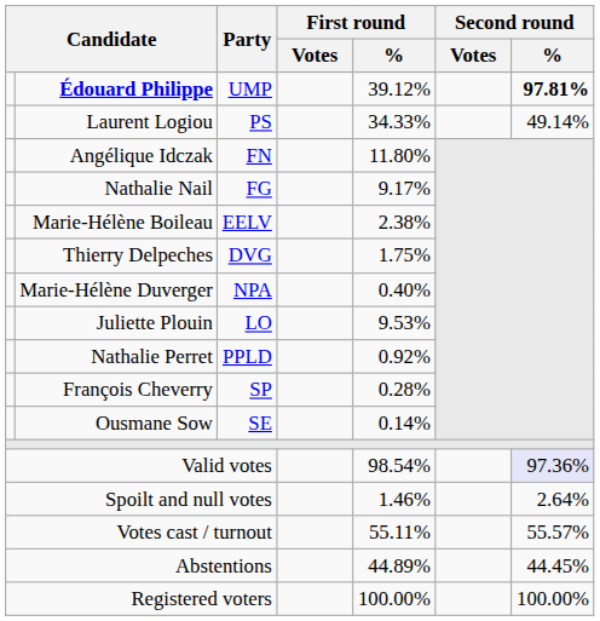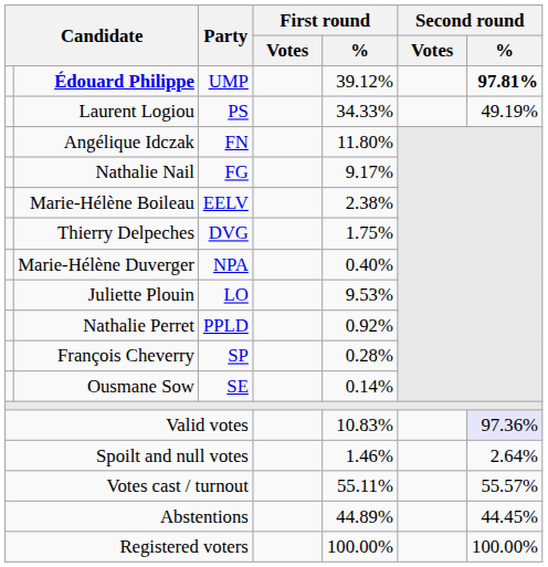 <table class="wikitable" style="text-align:right;font-size:95%;">
 <tr>
 <th rowspan=2 colspan=2>Candidate</th>
 <th rowspan=2 colspan=1>Party</th>
 <th colspan=2>First round</th>
 <th colspan=2>Second round</th>
 </tr>
 <tr>
 <th style="width:50px;">Votes</th>
 <th style="width:55px;">%</th>
 <th style="width:50px;">Votes</th>
 <th style="width:55px;">%</th>
 </tr>
 <tr>
 <td style="color:inherit;background-color:"></td>
 <td><strong><a href='#'>Édouard Philippe</a></strong></td>
 <td><a href='#'>UMP</a></td>
 <td></td>
 <td>39.12%</td>
 <td><strong></strong></td>
 <td><strong>97.81%</strong></td>
 </tr>
 <tr>
 <td style="color:inherit;background-color:"></td>
 <td>Laurent Logiou</td>
 <td><a href='#'>PS</a></td>
 <td></td>
 <td>34.33%</td>
 <td></td>
-<td>49.14%</td>
+<td>49.19%</td>
 </tr>
 <tr>
 <td style="color:inherit;background-color:"></td>
 <td>Angélique Idczak</td>
 <td><a href='#'>FN</a></td>
 <td></td>
 <td>11.80%</td>
 <td colspan=7 rowspan=9 style="background-color:#E9E9E9;"></td>
 </tr>
 <tr>
 <td style="color:inherit;background-color:"></td>
 <td>Nathalie Nail</td>
 <td><a href='#'>FG</a></td>
 <td></td>
 <td>9.17%</td>
 </tr>
 <tr>
 <td style="color:inherit;background-color:"></td>
 <td>Marie-Hélène Boileau</td>
 <td><a href='#'>EELV</a></td>
 <td></td>
 <td>2.38%</td>
 </tr>
 <tr>
 <td style="color:inherit;background-color:"></td>
 <td>Thierry Delpeches</td>
 <td><a href='#'>DVG</a></td>
 <td></td>
 <td>1.75%</td>
 </tr>
 <tr>
 <td style="color:inherit;background-color:"></td>
 <td>Marie-Hélène Duverger</td>
 <td><a href='#'>NPA</a></td>
 <td></td>
 <td>0.40%</td>
 </tr>
 <tr>
 <td style="color:inherit;background-color:"></td>
 <td>Juliette Plouin</td>
 <td><a href='#'>LO</a></td>
 <td></td>
 <td>9.53%</td>
 </tr>
 <tr>
 <td style="color:inherit;background-color:"></td>
 <td>Nathalie Perret</td>
 <td><a href='#'>PPLD</a></td>
 <td></td>
 <td>0.92%</td>
 </tr>
 <tr>
 <td style="color:inherit;background-color:"></td>
 <td>François Cheverry</td>
 <td><a href='#'>SP</a></td>
 <td></td>
 <td>0.28%</td>
 </tr>
 <tr>
 <td style="color:inherit;background-color:"></td>
 <td>Ousmane Sow</td>
 <td><a href='#'>SE</a></td>
 <td></td>
 <td>0.14%</td>
 </tr>
 <tr>
 <td colspan=7 style="background-color:#E9E9E9;"></td>
 </tr>
 <tr>
 <td colspan=3>Valid votes</td>
 <td></td>
-<td>98.54%</td>
+<td>10.83%</td>
 <td></td>
 <td style="background: lavender;">97.36%</td>
 </tr>
 <tr>
 <td colspan=3>Spoilt and null votes</td>
 <td></td>
 <td>1.46%</td>
 <td></td>
 <td>2.64%</td>
 </tr>
 <tr>
 <td colspan=3>Votes cast / turnout</td>
 <td></td>
 <td>55.11%</td>
 <td></td>
 <td>55.57%</td>
 </tr>
 <tr>
 <td colspan=3>Abstentions</td>
 <td></td>
 <td>44.89%</td>
 <td></td>
 <td>44.45%</td>
 </tr>
 <tr>
 <td colspan=3>Registered voters</td>
 <td></td>
 <td>100.00%</td>
 <td></td>
 <td>100.00%</td>
 </tr>
 </table>
